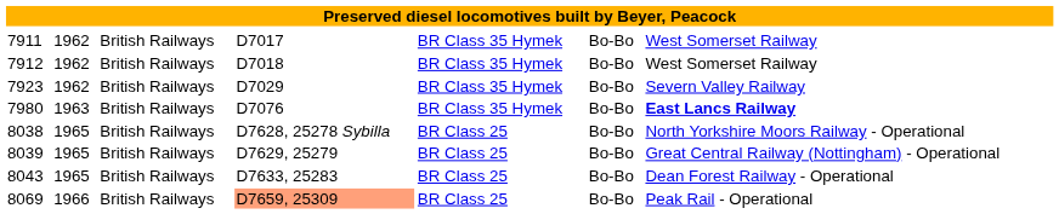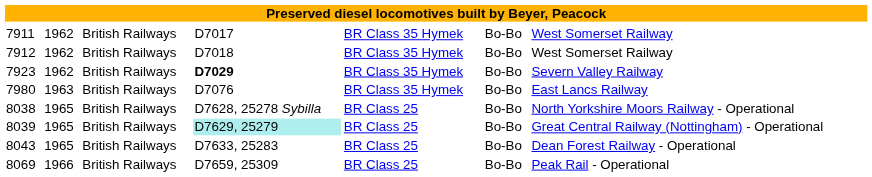 <table class="toccolours floatright mw-collapsible mw-collapsed" style="width: 100%; font-size:85%;">
 <tr>
 <th bgcolor="#ffb300" colspan="9">Preserved diesel locomotives built by Beyer, Peacock</th>
 </tr>
 <tr ! BP No. !! Built !! Company built for !! Locomotive number(s) !! Class !! Wheel arrangement !! Preserved at>
 </tr>
 <tr -style="background:#E5E5FF">
 <td>7911</td>
 <td>1962</td>
 <td>British Railways</td>
 <td>D7017</td>
 <td><a href='#'>BR Class 35 Hymek</a></td>
 <td>Bo-Bo</td>
 <td><a href='#'>West Somerset Railway</a></td>
 </tr>
 <tr>
 <td>7912</td>
 <td>1962</td>
 <td>British Railways</td>
 <td>D7018</td>
 <td><a href='#'>BR Class 35 Hymek</a></td>
 <td>Bo-Bo</td>
 <td>West Somerset Railway</td>
 </tr>
 <tr -style="background:#E5E5FF">
 <td>7923</td>
 <td>1962</td>
 <td>British Railways</td>
-<td>D7029</td>
+<td><strong>D7029</strong></td>
 <td><a href='#'>BR Class 35 Hymek</a></td>
 <td>Bo-Bo</td>
 <td><a href='#'>Severn Valley Railway</a></td>
 </tr>
 <tr>
 <td>7980</td>
 <td>1963</td>
 <td>British Railways</td>
 <td>D7076</td>
 <td><a href='#'>BR Class 35 Hymek</a></td>
 <td>Bo-Bo</td>
-<td><strong><a href='#'>East Lancs Railway</a></strong></td>
+<td><a href='#'>East Lancs Railway</a></td>
 </tr>
 <tr -style="background:#E5E5FF">
 <td>8038</td>
 <td>1965</td>
 <td>British Railways</td>
 <td>D7628, 25278 <em>Sybilla</em></td>
 <td><a href='#'>BR Class 25</a></td>
 <td>Bo-Bo</td>
 <td><a href='#'>North Yorkshire Moors Railway</a> - Operational</td>
 </tr>
 <tr>
 <td>8039</td>
 <td>1965</td>
 <td>British Railways</td>
-<td>D7629, 25279</td>
+<td style="background: paleturquoise;">D7629, 25279</td>
 <td><a href='#'>BR Class 25</a></td>
 <td>Bo-Bo</td>
 <td><a href='#'>Great Central Railway (Nottingham)</a> - Operational</td>
 </tr>
 <tr -style="background:#E5E5FF">
 <td>8043</td>
 <td>1965</td>
 <td>British Railways</td>
 <td>D7633, 25283</td>
 <td><a href='#'>BR Class 25</a></td>
 <td>Bo-Bo</td>
 <td><a href='#'>Dean Forest Railway</a> - Operational</td>
 </tr>
 <tr>
 <td>8069</td>
 <td>1966</td>
 <td>British Railways</td>
-<td style="background: lightsalmon;">D7659, 25309</td>
+<td>D7659, 25309</td>
 <td><a href='#'>BR Class 25</a></td>
 <td>Bo-Bo</td>
 <td><a href='#'>Peak Rail</a> - Operational</td>
 </tr>
 <tr -style="background:#E5E5FF">
 </tr>
 </table>
